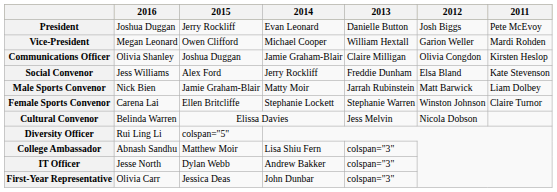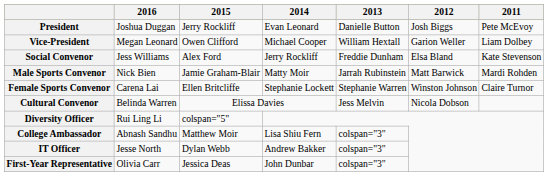 <table class="wikitable collapsible autocollapse">
 <tr style="background:#bdb76b;">
 <th></th>
 <th>2016</th>
 <th>2015</th>
 <th>2014</th>
 <th>2013</th>
 <th>2012</th>
 <th>2011</th>
 </tr>
 <tr>
 <th>President</th>
 <td>Joshua Duggan</td>
 <td>Jerry Rockliff</td>
 <td>Evan Leonard</td>
 <td>Danielle Button</td>
 <td>Josh Biggs</td>
 <td>Pete McEvoy</td>
 </tr>
 <tr>
 <th>Vice-President</th>
 <td>Megan Leonard</td>
 <td>Owen Clifford</td>
 <td>Michael Cooper</td>
 <td>William Hextall</td>
 <td>Garion Weller</td>
-<td>Mardi Rohden</td>
-</tr>
-<tr>
-<th>Communications Officer</th>
-<td>Olivia Shanley</td>
-<td>Joshua Duggan</td>
-<td>Jamie Graham-Blair</td>
-<td>Claire Milligan</td>
-<td>Olivia Congdon</td>
-<td>Kirsten Heslop</td>
+<td>Liam Dolbey</td>
 </tr>
 <tr>
 <th>Social Convenor</th>
 <td>Jess Williams</td>
 <td>Alex Ford</td>
 <td>Jerry Rockliff</td>
 <td>Freddie Dunham</td>
 <td>Elsa Bland</td>
 <td>Kate Stevenson</td>
 </tr>
 <tr>
 <th>Male Sports Convenor</th>
 <td>Nick Bien</td>
 <td>Jamie Graham-Blair</td>
 <td>Matty Moir</td>
 <td>Jarrah Rubinstein</td>
 <td>Matt Barwick</td>
-<td>Liam Dolbey</td>
+<td>Mardi Rohden</td>
 </tr>
 <tr>
 <th>Female Sports Convenor</th>
 <td>Carena Lai</td>
 <td>Ellen Britcliffe</td>
 <td>Stephanie Lockett</td>
 <td>Stephanie Warren</td>
 <td>Winston Johnson</td>
 <td>Claire Turnor</td>
 </tr>
 <tr>
 <th>Cultural Convenor</th>
 <td>Belinda Warren</td>
 <td align="center" colspan="2">Elissa Davies</td>
 <td>Jess Melvin</td>
 <td>Nicola Dobson</td>
 <td></td>
 </tr>
 <tr>
 <th>Diversity Officer</th>
 <td>Rui Ling Li</td>
 <td>colspan="5" </td>
 </tr>
 <tr>
 <th>College Ambassador</th>
 <td>Abnash Sandhu</td>
 <td>Matthew Moir</td>
 <td>Lisa Shiu Fern</td>
 <td>colspan="3" </td>
 </tr>
 <tr>
 <th>IT Officer</th>
 <td>Jesse North</td>
 <td>Dylan Webb</td>
 <td>Andrew Bakker</td>
 <td>colspan="3" </td>
 </tr>
 <tr>
 <th>First-Year Representative</th>
 <td>Olivia Carr</td>
 <td>Jessica Deas</td>
 <td>John Dunbar</td>
 <td>colspan="3" </td>
 </tr>
 </table>
